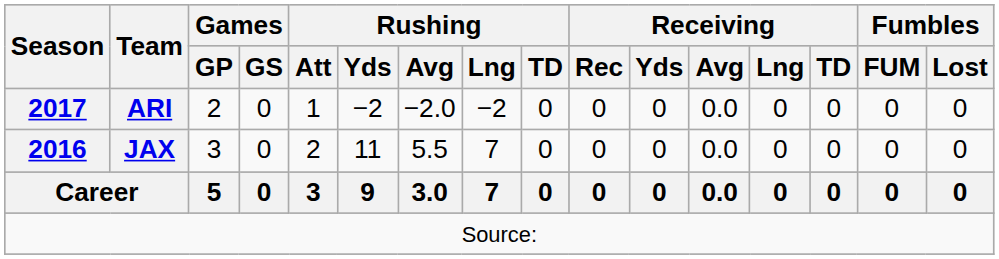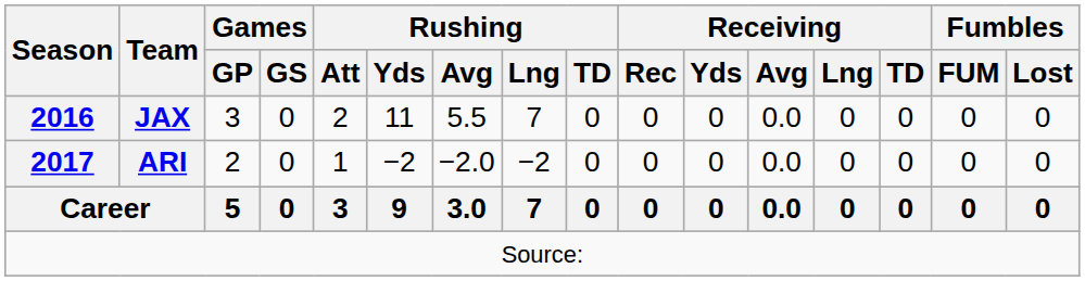 <table class=wikitable style="text-align:center;">
 <tr>
 <th rowspan=2>Season</th>
 <th rowspan=2>Team</th>
 <th colspan=2>Games</th>
 <th colspan=5>Rushing</th>
 <th colspan=5>Receiving</th>
 <th colspan=2>Fumbles</th>
 </tr>
 <tr>
 <th>GP</th>
 <th>GS</th>
 <th>Att</th>
 <th>Yds</th>
 <th>Avg</th>
 <th>Lng</th>
 <th>TD</th>
 <th>Rec</th>
 <th>Yds</th>
 <th>Avg</th>
 <th>Lng</th>
 <th>TD</th>
 <th>FUM</th>
 <th>Lost</th>
 </tr>
 <tr>
-<th><a href='#'>2017</a></th>
-<th><a href='#'>ARI</a></th>
+<th><a href='#'>2016</a></th>
+<th><a href='#'>JAX</a></th>
+<td>3</td>
+<td>0</td>
 <td>2</td>
-<td>0</td>
-<td>1</td>
-<td>−2</td>
-<td>−2.0</td>
-<td>−2</td>
+<td>11</td>
+<td>5.5</td>
+<td>7</td>
 <td>0</td>
 <td>0</td>
 <td>0</td>
 <td>0.0</td>
 <td>0</td>
 <td>0</td>
 <td>0</td>
 <td>0</td>
 </tr>
 <tr>
-<th><a href='#'>2016</a></th>
-<th><a href='#'>JAX</a></th>
-<td>3</td>
+<th><a href='#'>2017</a></th>
+<th><a href='#'>ARI</a></th>
+<td>2</td>
 <td>0</td>
-<td>2</td>
-<td>11</td>
-<td>5.5</td>
-<td>7</td>
+<td>1</td>
+<td>−2</td>
+<td>−2.0</td>
+<td>−2</td>
 <td>0</td>
 <td>0</td>
 <td>0</td>
 <td>0.0</td>
 <td>0</td>
 <td>0</td>
 <td>0</td>
 <td>0</td>
 </tr>
 <tr>
 <th colspan="2">Career</th>
 <th>5</th>
 <th>0</th>
 <th>3</th>
 <th>9</th>
 <th>3.0</th>
 <th>7</th>
 <th>0</th>
 <th>0</th>
 <th>0</th>
 <th>0.0</th>
 <th>0</th>
 <th>0</th>
 <th>0</th>
 <th>0</th>
 </tr>
 <tr>
 <td colspan="16"><small>Source: </small></td>
 </tr>
 </table>
